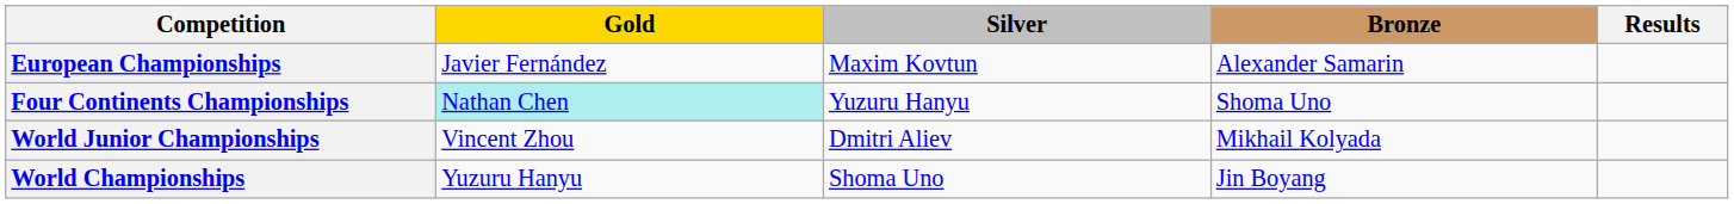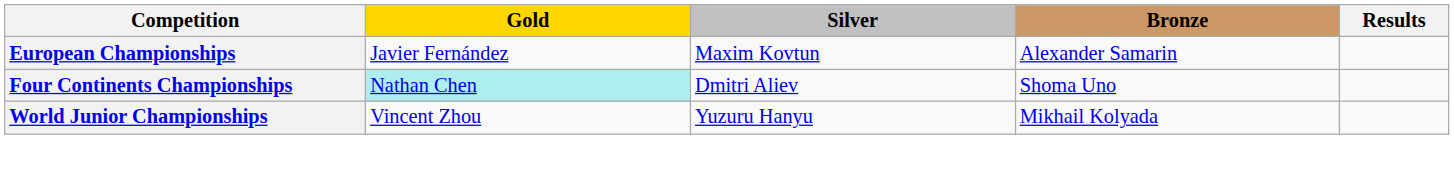 <table class="wikitable unsortable" style="text-align:left; width:90%">
 <tr>
 <th scope="col" style="text-align:center; width:25%;">Competition</th>
 <td scope="col" style="text-align:center; width:22.5%; background:gold"><strong>Gold</strong></td>
 <td scope="col" style="text-align:center; width:22.5%; background:silver"><strong>Silver</strong></td>
 <td scope="col" style="text-align:center; width:22.5%; background:#c96"><strong>Bronze</strong></td>
 <th scope="col" style="text-align:center; width:7.5%;">Results</th>
 </tr>
 <tr>
 <th scope="row" style="text-align:left"> <a href='#'>European Championships</a></th>
 <td> <a href='#'>Javier Fernández</a></td>
 <td> <a href='#'>Maxim Kovtun</a></td>
 <td> <a href='#'>Alexander Samarin</a></td>
 <td></td>
 </tr>
 <tr>
 <th scope="row" style="text-align:left"> <a href='#'>Four Continents Championships</a></th>
 <td style="background: paleturquoise;"> <a href='#'>Nathan Chen</a></td>
-<td> <a href='#'>Yuzuru Hanyu</a></td>
+<td> <a href='#'>Dmitri Aliev</a></td>
 <td> <a href='#'>Shoma Uno</a></td>
 <td></td>
 </tr>
 <tr>
 <th scope="row" style="text-align:left"> <a href='#'>World Junior Championships</a></th>
 <td> <a href='#'>Vincent Zhou</a></td>
-<td> <a href='#'>Dmitri Aliev</a></td>
+<td> <a href='#'>Yuzuru Hanyu</a></td>
 <td> <a href='#'>Mikhail Kolyada</a></td>
 <td></td>
 </tr>
-<tr>
-<th scope="row" style="text-align:left"> <a href='#'>World Championships</a></th>
-<td> <a href='#'>Yuzuru Hanyu</a></td>
-<td> <a href='#'>Shoma Uno</a></td>
-<td> <a href='#'>Jin Boyang</a></td>
-<td></td>
-</tr>
 </table>
